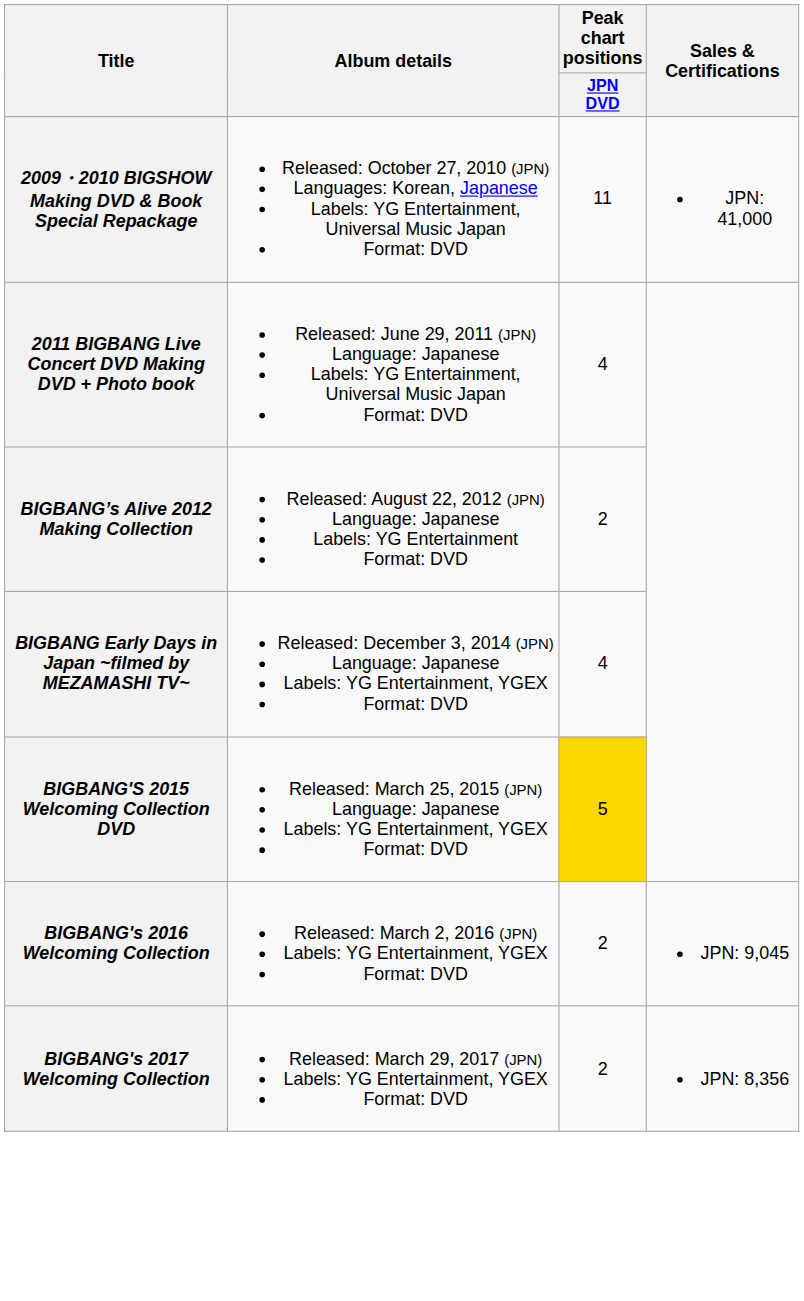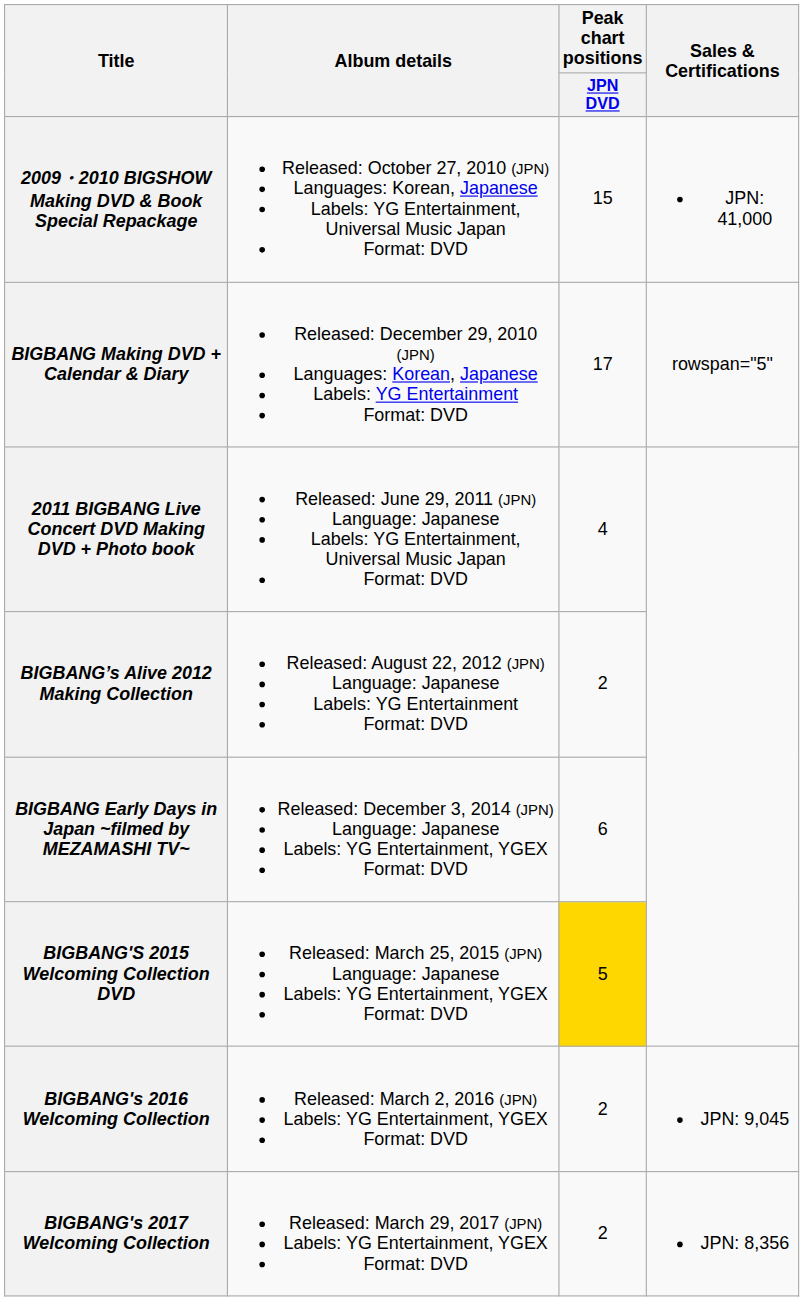 <table class="wikitable plainrowheaders" style="text-align:center;">
 <tr>
 <th scope="col" rowspan="2" style="width:12em;">Title</th>
 <th scope="col" rowspan="2" style="width:18em;">Album details</th>
 <th scope="col" colspan="1">Peak chart positions</th>
 <th scope="col" rowspan="2" style="width:8em;">Sales & Certifications</th>
 </tr>
 <tr>
 <th scope="col" style="width:2.5em;font-size:90%;"><a href='#'>JPN<br>DVD</a><br></th>
 </tr>
 <tr>
 <th scope="row"><em>2009・2010 BIGSHOW Making DVD & Book Special Repackage</em></th>
 <td><br><ul><li>Released: October 27, 2010 <small>(JPN)</small></li><li>Languages: Korean, <a href='#'>Japanese</a></li><li>Labels: YG Entertainment, Universal Music Japan</li><li>Format: DVD</li></ul></td>
-<td>11</td>
+<td>15</td>
 <td><br><ul><li>JPN: 41,000</li></ul></td>
+</tr>
+<tr>
+<th scope="row"><em>BIGBANG Making DVD + Calendar & Diary</em></th>
+<td><br><ul><li>Released: December 29, 2010 <small>(JPN)</small></li><li>Languages: <a href='#'>Korean</a>, <a href='#'>Japanese</a></li><li>Labels: <a href='#'>YG Entertainment</a></li><li>Format: DVD</li></ul></td>
+<td>17</td>
+<td>rowspan="5" </td>
 </tr>
 <tr>
 <th scope="row"><em>2011 BIGBANG Live Concert DVD Making DVD + Photo book</em></th>
 <td><br><ul><li>Released: June 29, 2011 <small>(JPN)</small></li><li>Language: Japanese</li><li>Labels: YG Entertainment, Universal Music Japan</li><li>Format: DVD</li></ul></td>
 <td>4</td>
 </tr>
 <tr>
 <th scope="row"><em>BIGBANG’s Alive 2012 Making Collection</em></th>
 <td><br><ul><li>Released: August 22, 2012 <small>(JPN)</small></li><li>Language: Japanese</li><li>Labels: YG Entertainment</li><li>Format: DVD</li></ul></td>
 <td>2</td>
 </tr>
 <tr>
 <th scope="row"><em>BIGBANG Early Days in Japan ~filmed by MEZAMASHI TV~</em></th>
 <td><br><ul><li>Released: December 3, 2014 <small>(JPN)</small></li><li>Language: Japanese</li><li>Labels: YG Entertainment, YGEX</li><li>Format: DVD</li></ul></td>
-<td>4</td>
+<td>6</td>
 </tr>
 <tr>
 <th scope="row"><em>BIGBANG'S 2015 Welcoming Collection DVD</em></th>
 <td><br><ul><li>Released: March 25, 2015 <small>(JPN)</small></li><li>Language: Japanese</li><li>Labels: YG Entertainment, YGEX</li><li>Format: DVD</li></ul></td>
 <td style="background: gold;">5</td>
 </tr>
 <tr>
 <th scope="row"><em>BIGBANG's 2016 Welcoming Collection</em></th>
 <td><br><ul><li>Released: March 2, 2016 <small>(JPN)</small></li><li>Labels: YG Entertainment, YGEX</li><li>Format: DVD</li></ul></td>
 <td>2</td>
 <td><br><ul><li>JPN: 9,045</li></ul></td>
 </tr>
 <tr>
 <th scope="row"><em>BIGBANG's 2017 Welcoming Collection</em></th>
 <td><br><ul><li>Released: March 29, 2017 <small>(JPN)</small></li><li>Labels: YG Entertainment, YGEX</li><li>Format: DVD</li></ul></td>
 <td>2</td>
 <td><br><ul><li>JPN: 8,356</li></ul></td>
 </tr>
 </table>
